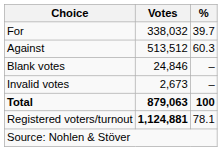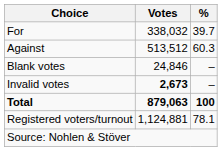 <table class=wikitable style=text-align:right>
 <tr>
 <th>Choice</th>
 <th>Votes</th>
 <th>%</th>
 </tr>
 <tr>
 <td align=left>For</td>
 <td>338,032</td>
 <td>39.7</td>
 </tr>
 <tr>
 <td align=left>Against</td>
 <td>513,512</td>
 <td>60.3</td>
 </tr>
 <tr>
 <td align=left>Blank votes</td>
 <td>24,846</td>
 <td>–</td>
 </tr>
 <tr>
 <td align=left>Invalid votes</td>
-<td>2,673</td>
+<td><strong>2,673</strong></td>
 <td>–</td>
 </tr>
 <tr>
 <td align=left><strong>Total</strong></td>
 <td><strong>879,063</strong></td>
 <td><strong>100</strong></td>
 </tr>
 <tr>
 <td align=left>Registered voters/turnout</td>
-<td><strong>1,124,881</strong></td>
+<td>1,124,881</td>
 <td>78.1</td>
 </tr>
 <tr>
 <td align=left colspan=3>Source: Nohlen & Stöver</td>
 </tr>
 </table>
